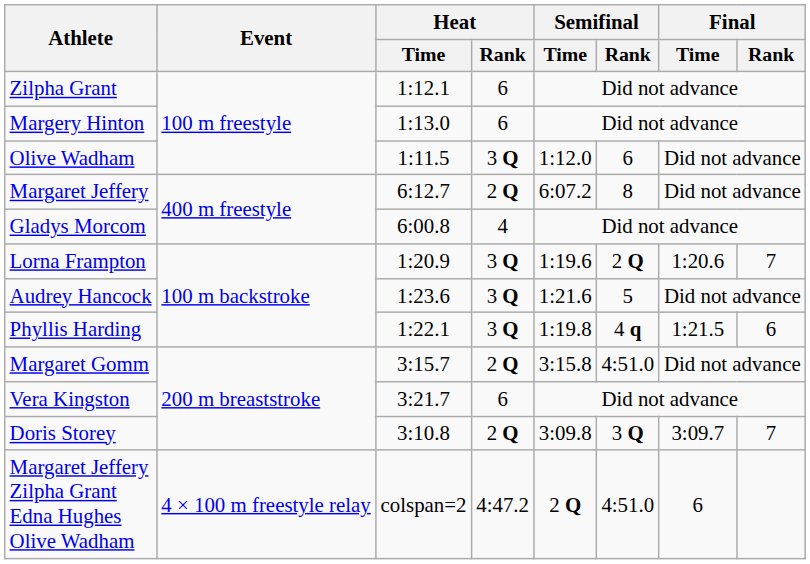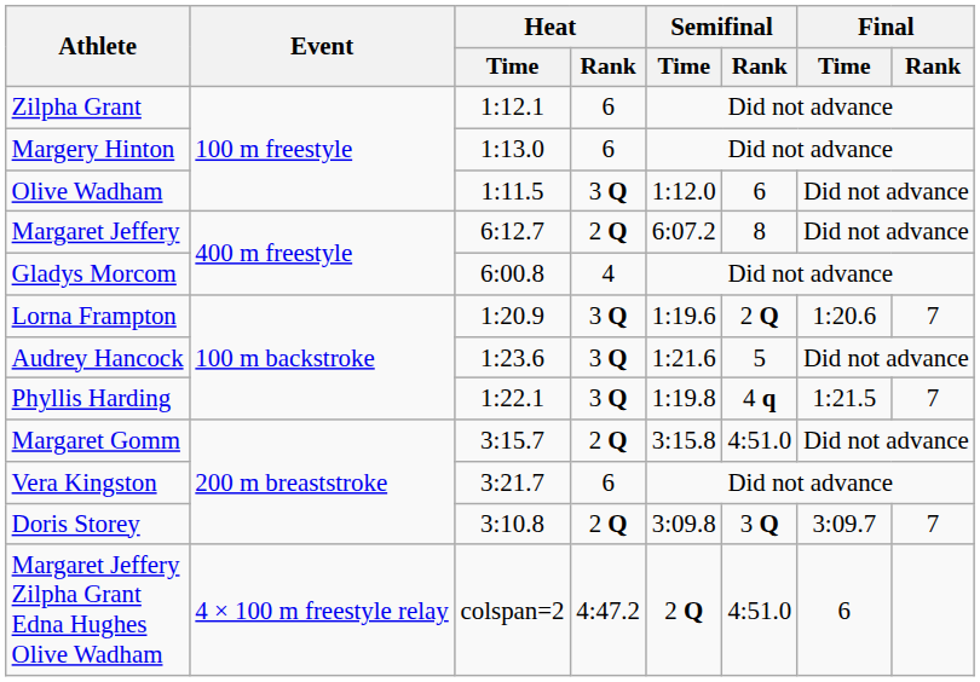 <table class=wikitable style="font-size:90%;">
 <tr>
 <th rowspan=2>Athlete</th>
 <th rowspan=2>Event</th>
 <th colspan=2>Heat</th>
 <th colspan=2>Semifinal</th>
 <th colspan=2>Final</th>
 </tr>
 <tr style="font-size:95%">
 <th>Time</th>
 <th>Rank</th>
 <th>Time</th>
 <th>Rank</th>
 <th>Time</th>
 <th>Rank</th>
 </tr>
 <tr align=center>
 <td align=left><a href='#'>Zilpha Grant</a></td>
 <td rowspan=3 align=left><a href='#'>100 m freestyle</a></td>
 <td>1:12.1</td>
 <td>6</td>
 <td colspan=4>Did not advance</td>
 </tr>
 <tr align=center>
 <td align=left><a href='#'>Margery Hinton</a></td>
 <td>1:13.0</td>
 <td>6</td>
 <td colspan=4>Did not advance</td>
 </tr>
 <tr align=center>
 <td align=left><a href='#'>Olive Wadham</a></td>
 <td>1:11.5</td>
 <td>3 <strong>Q</strong></td>
 <td>1:12.0</td>
 <td>6</td>
 <td colspan=2>Did not advance</td>
 </tr>
 <tr align=center>
 <td align=left><a href='#'>Margaret Jeffery</a></td>
 <td rowspan=2 align=left><a href='#'>400 m freestyle</a></td>
 <td>6:12.7</td>
 <td>2 <strong>Q</strong></td>
 <td>6:07.2</td>
 <td>8</td>
 <td colspan=2>Did not advance</td>
 </tr>
 <tr align=center>
 <td align=left><a href='#'>Gladys Morcom</a></td>
 <td>6:00.8</td>
 <td>4</td>
 <td colspan=4>Did not advance</td>
 </tr>
 <tr align=center>
 <td align=left><a href='#'>Lorna Frampton</a></td>
 <td rowspan=3 align=left><a href='#'>100 m backstroke</a></td>
 <td>1:20.9</td>
 <td>3 <strong>Q</strong></td>
 <td>1:19.6</td>
 <td>2 <strong>Q</strong></td>
 <td>1:20.6</td>
 <td>7</td>
 </tr>
 <tr align=center>
 <td align=left><a href='#'>Audrey Hancock</a></td>
 <td>1:23.6</td>
 <td>3 <strong>Q</strong></td>
 <td>1:21.6</td>
 <td>5</td>
 <td colspan=2>Did not advance</td>
 </tr>
 <tr align=center>
 <td align=left><a href='#'>Phyllis Harding</a></td>
 <td>1:22.1</td>
 <td>3 <strong>Q</strong></td>
 <td>1:19.8</td>
 <td>4 <strong>q</strong></td>
 <td>1:21.5</td>
-<td>6</td>
+<td>7</td>
 </tr>
 <tr align=center>
 <td align=left><a href='#'>Margaret Gomm</a></td>
 <td rowspan=3 align=left><a href='#'>200 m breaststroke</a></td>
 <td>3:15.7</td>
 <td>2 <strong>Q</strong></td>
 <td>3:15.8</td>
 <td>4:51.0</td>
 <td colspan=2>Did not advance</td>
 </tr>
 <tr align=center>
 <td align=left><a href='#'>Vera Kingston</a></td>
 <td>3:21.7</td>
 <td>6</td>
 <td colspan=4>Did not advance</td>
 </tr>
 <tr align=center>
 <td align=left><a href='#'>Doris Storey</a></td>
 <td>3:10.8</td>
 <td>2 <strong>Q</strong></td>
 <td>3:09.8</td>
 <td>3 <strong>Q</strong></td>
 <td>3:09.7</td>
 <td>7</td>
 </tr>
 <tr align=center>
 <td align=left><a href='#'>Margaret Jeffery</a><br><a href='#'>Zilpha Grant</a><br><a href='#'>Edna Hughes</a><br><a href='#'>Olive Wadham</a></td>
 <td align=left><a href='#'>4 × 100 m freestyle relay</a></td>
 <td>colspan=2 </td>
 <td>4:47.2</td>
 <td>2 <strong>Q</strong></td>
 <td>4:51.0</td>
 <td>6</td>
 </tr>
 </table>
